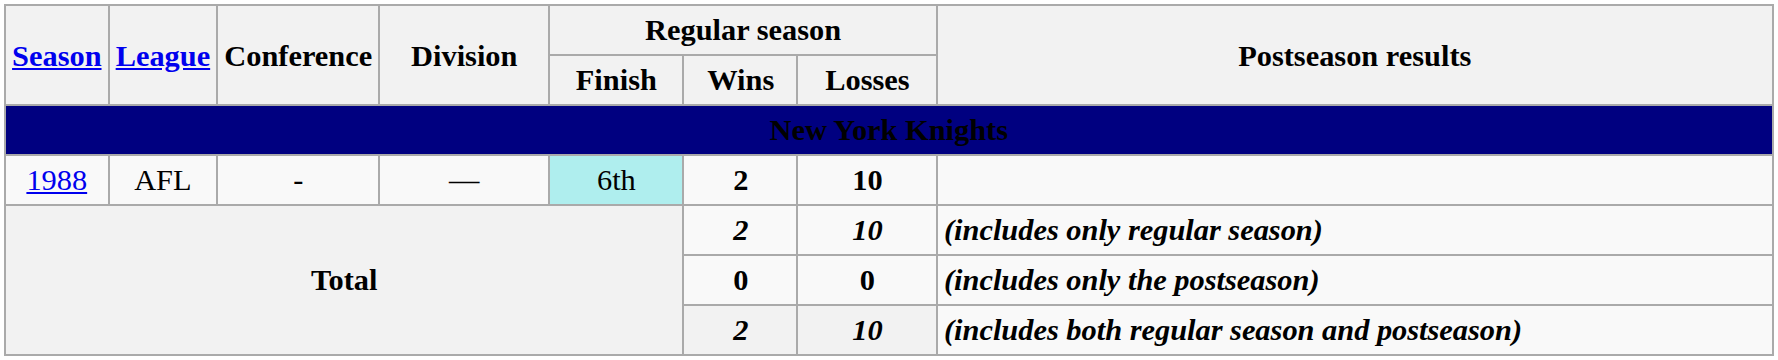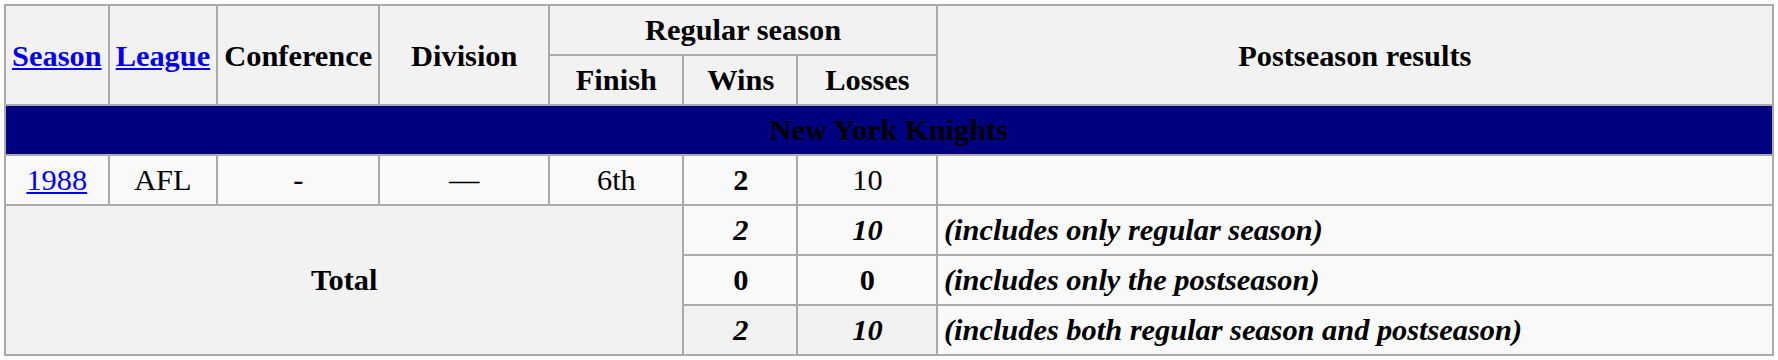 <table class="wikitable" style="font-size: 95%; width:70%;">
 <tr>
 <th rowspan="2" style="width:5%;"><a href='#'>Season</a></th>
 <th rowspan="2" style="width:5%;"><a href='#'>League</a></th>
 <th rowspan="2" style="width:5%;">Conference</th>
 <th rowspan="2">Division</th>
 <th colspan="3">Regular season</th>
 <th rowspan="2">Postseason results</th>
 </tr>
 <tr>
 <th>Finish</th>
 <th>Wins</th>
 <th>Losses</th>
 </tr>
 <tr>
 <td align="center" Colspan="9" style="background: navy"><strong><span>New York Knights</span></strong></td>
 </tr>
 <tr>
 <td align="center"><a href='#'>1988</a></td>
 <td align="center">AFL</td>
 <td align="center">-</td>
 <td align="center">—</td>
-<td align="center" style="background: paleturquoise;">6th</td>
+<td align="center">6th</td>
 <td align="center"><strong>2</strong></td>
-<td align="center"><strong>10</strong></td>
+<td align="center">10</td>
 <td></td>
 </tr>
 <tr>
 <th align="center" rowSpan="3" colSpan="5">Total</th>
 <td align="center"><strong><em>2</em></strong></td>
 <td align="center"><strong><em>10</em></strong></td>
 <td colSpan="2"><strong><em>(includes only regular season)</em></strong></td>
 </tr>
 <tr>
 <td align="center"><strong>0</strong></td>
 <td align="center"><strong>0</strong></td>
 <td colSpan="2"><strong><em>(includes only the postseason)</em></strong></td>
 </tr>
 <tr>
 <th align="center"><em>2</em></th>
 <th align="center"><em>10</em></th>
 <td colSpan="2"><strong><em>(includes both regular season and postseason)</em></strong></td>
 </tr>
 <tr>
 </tr>
 </table>
